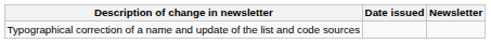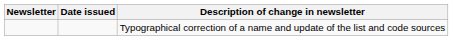 <table class="wikitable">
 <tr>
+<th>Newsletter</th>
+<th>Date issued</th>
 <th>Description of change in newsletter</th>
-<th>Date issued</th>
-<th>Newsletter</th>
 </tr>
 <tr>
+<td id="II-2"></td>
+<td></td>
 <td>Typographical correction of a name and update of the list and code sources</td>
-<td></td>
-<td id="II-2"></td>
 </tr>
 </table>
